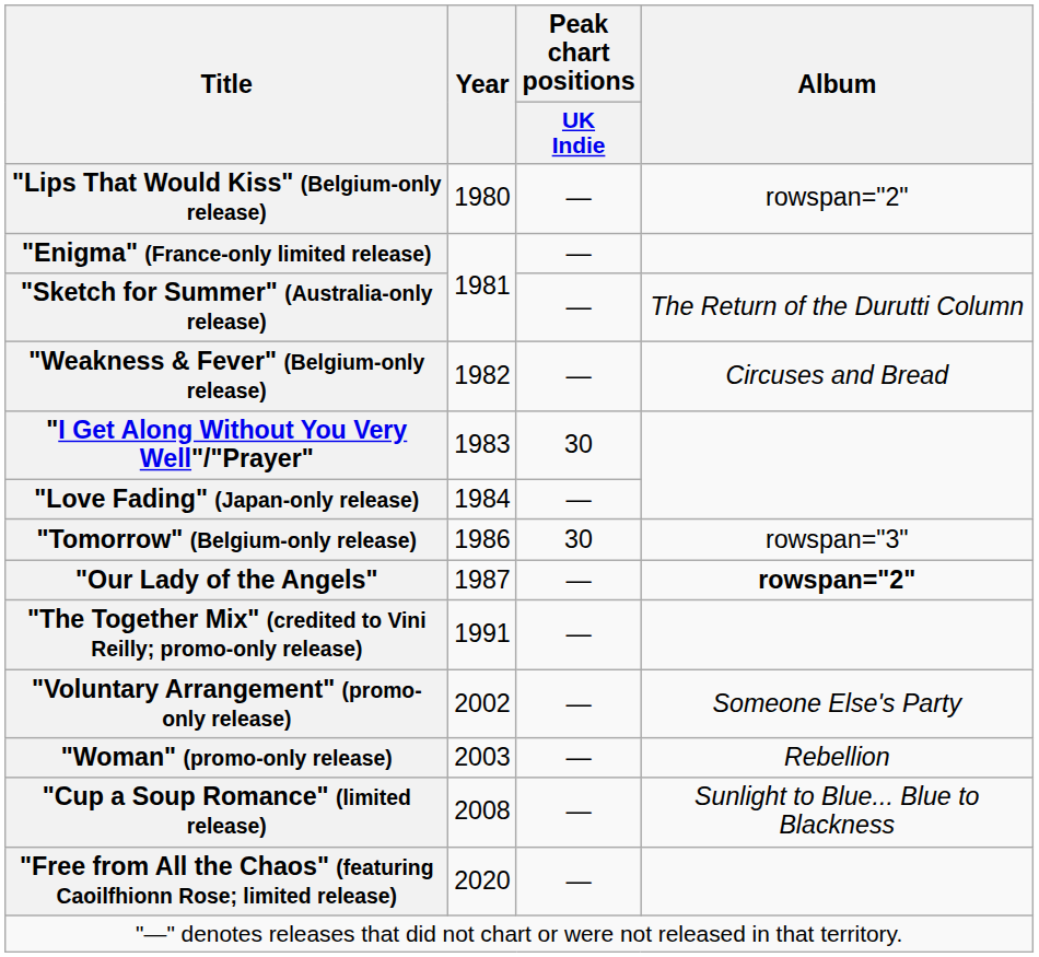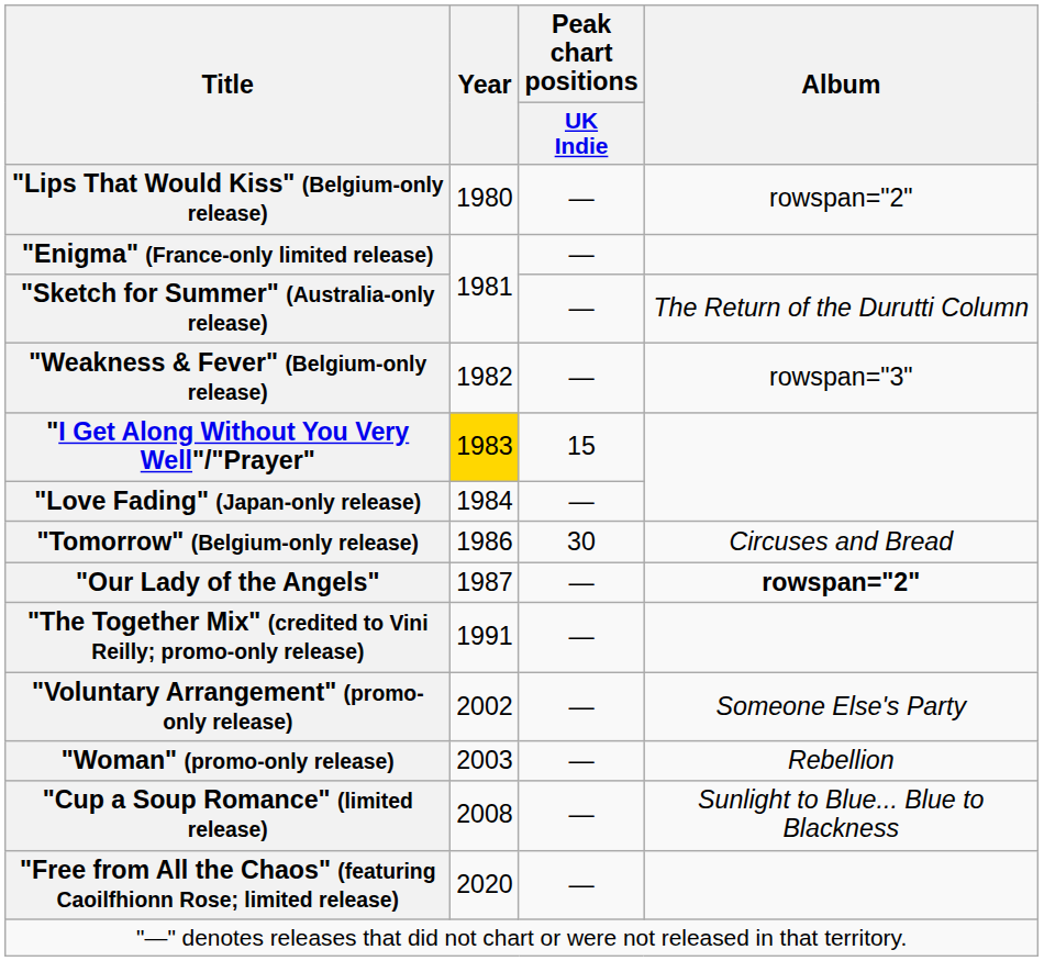 <table class="wikitable plainrowheaders" style="text-align:center;">
 <tr>
 <th rowspan="2" scope="col" style="width:17em;">Title</th>
 <th rowspan="2" scope="col" style="width:2em;">Year</th>
 <th>Peak chart positions</th>
 <th rowspan="2" style="width:15em;">Album</th>
 </tr>
 <tr>
 <th scope="col" style="width:2em;font-size:90%;"><a href='#'>UK<br>Indie</a><br></th>
 </tr>
 <tr>
 <th scope="row">"Lips That Would Kiss" <small>(Belgium-only release)</small></th>
 <td>1980</td>
 <td>—</td>
 <td>rowspan="2" </td>
 </tr>
 <tr>
 <th scope="row">"Enigma" <small>(France-only limited release)</small></th>
 <td rowspan="2">1981</td>
 <td>—</td>
 </tr>
 <tr>
 <th scope="row">"Sketch for Summer" <small>(Australia-only release)</small></th>
 <td>—</td>
 <td><em>The Return of the Durutti Column</em></td>
 </tr>
 <tr>
 <th scope="row">"Weakness & Fever" <small>(Belgium-only release)</small></th>
 <td>1982</td>
 <td>—</td>
-<td><em>Circuses and Bread</em></td>
+<td>rowspan="3" </td>
 </tr>
 <tr>
 <th scope="row">"<a href='#'>I Get Along Without You Very Well</a>"/"Prayer"</th>
-<td>1983</td>
-<td>30</td>
+<td style="background: gold;">1983</td>
+<td>15</td>
 </tr>
 <tr>
 <th scope="row">"Love Fading" <small>(Japan-only release)</small></th>
 <td>1984</td>
 <td>—</td>
 </tr>
 <tr>
 <th scope="row">"Tomorrow" <small>(Belgium-only release)</small></th>
 <td>1986</td>
 <td>30</td>
-<td>rowspan="3" </td>
+<td><em>Circuses and Bread</em></td>
 </tr>
 <tr>
 <th scope="row">"Our Lady of the Angels"</th>
 <td>1987</td>
 <td>—</td>
 <td><strong>rowspan="2" </strong></td>
 </tr>
 <tr>
 <th scope="row">"The Together Mix" <small>(credited to Vini Reilly; promo-only release)</small></th>
 <td>1991</td>
 <td>—</td>
 </tr>
 <tr>
 <th scope="row">"Voluntary Arrangement" <small>(promo-only release)</small></th>
 <td>2002</td>
 <td>—</td>
 <td><em>Someone Else's Party</em></td>
 </tr>
 <tr>
 <th scope="row">"Woman" <small>(promo-only release)</small></th>
 <td>2003</td>
 <td>—</td>
 <td><em>Rebellion</em></td>
 </tr>
 <tr>
 <th scope="row">"Cup a Soup Romance" <small>(limited release)</small></th>
 <td>2008</td>
 <td>—</td>
 <td><em>Sunlight to Blue... Blue to Blackness</em></td>
 </tr>
 <tr>
 <th scope="row">"Free from All the Chaos" <small>(featuring Caoilfhionn Rose; limited release)</small></th>
 <td>2020</td>
 <td>—</td>
 <td></td>
 </tr>
 <tr>
 <td colspan="4" style="font-size:90%">"—" denotes releases that did not chart or were not released in that territory.</td>
 </tr>
 </table>
